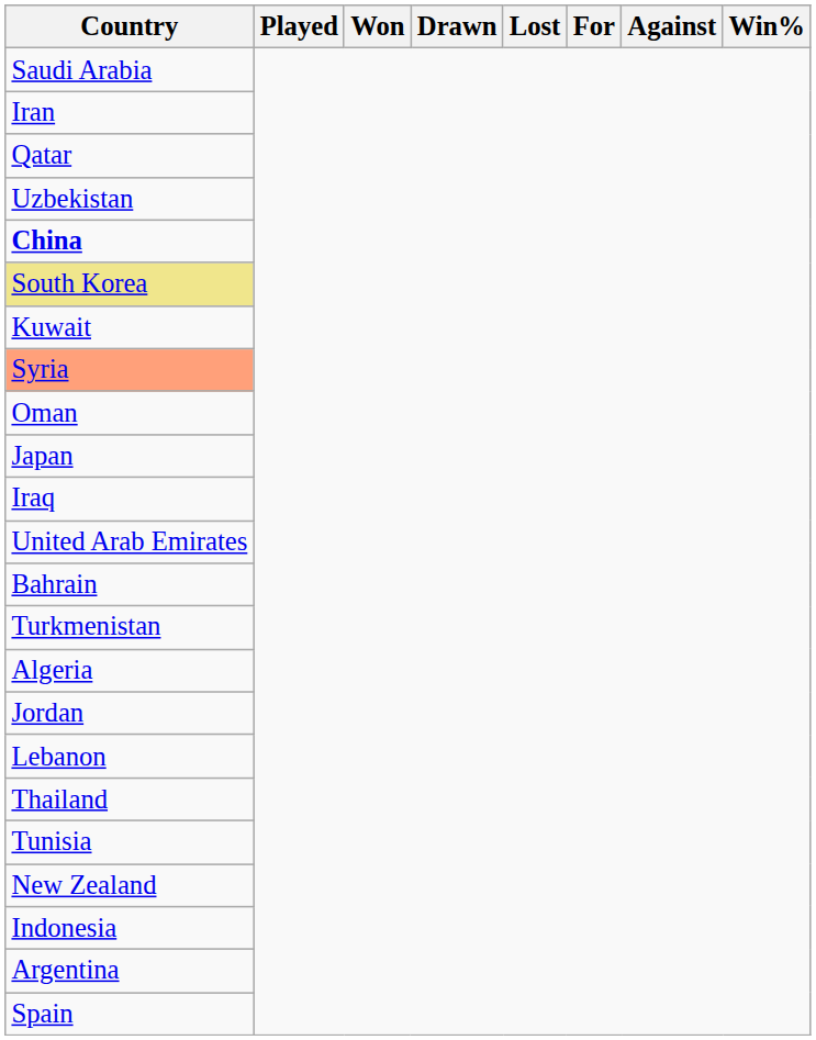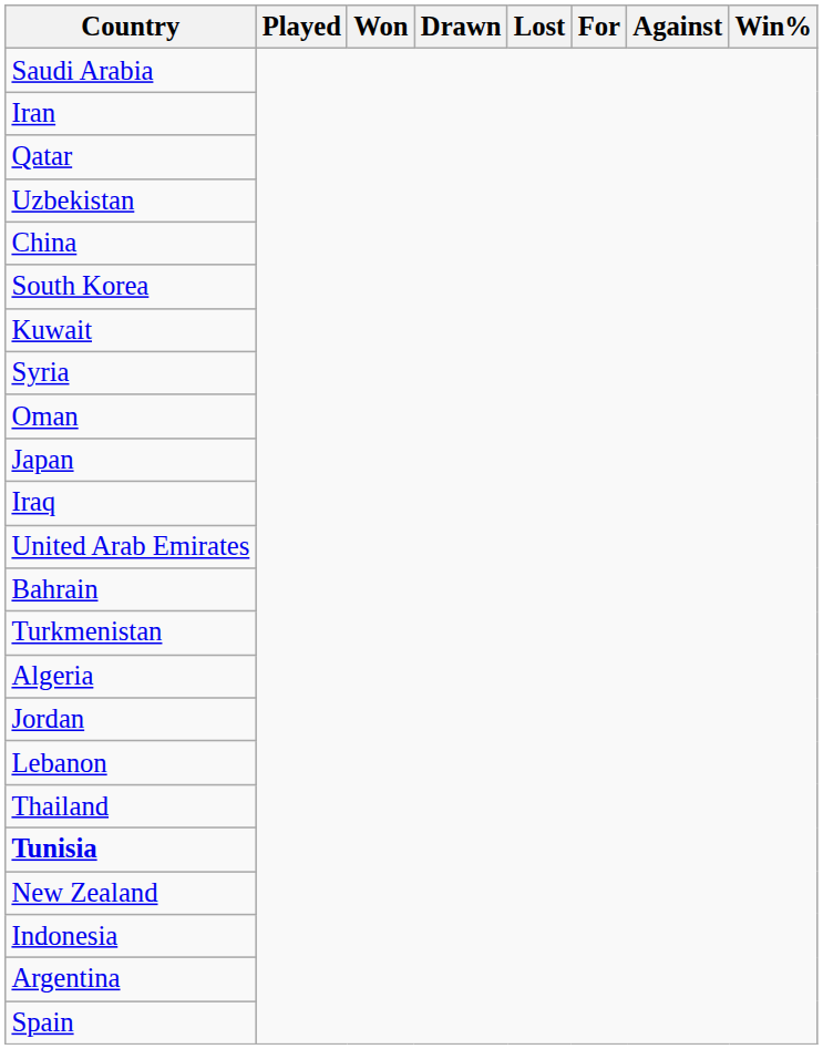 <table class="wikitable sortable" style="text-align:center;">
 <tr>
 <th>Country</th>
 <th>Played</th>
 <th>Won</th>
 <th>Drawn</th>
 <th>Lost</th>
 <th>For</th>
 <th>Against</th>
 <th>Win%</th>
 </tr>
 <tr>
 <td align="left"> <a href='#'>Saudi Arabia</a><br></td>
 </tr>
 <tr>
 <td align="left"> <a href='#'>Iran</a><br></td>
 </tr>
 <tr>
 <td align="left"> <a href='#'>Qatar</a><br></td>
 </tr>
 <tr>
 <td align="left"> <a href='#'>Uzbekistan</a><br></td>
 </tr>
 <tr>
-<td align="left"><strong> <a href='#'>China</a><br></strong></td>
+<td align="left"> <a href='#'>China</a><br></td>
 </tr>
 <tr>
-<td align="left" style="background: khaki;"> <a href='#'>South Korea</a><br></td>
+<td align="left"> <a href='#'>South Korea</a><br></td>
 </tr>
 <tr>
 <td align="left"> <a href='#'>Kuwait</a><br></td>
 </tr>
 <tr>
-<td align="left" style="background: lightsalmon;"> <a href='#'>Syria</a><br></td>
+<td align="left"> <a href='#'>Syria</a><br></td>
 </tr>
 <tr>
 <td align="left"> <a href='#'>Oman</a><br></td>
 </tr>
 <tr>
 <td align="left"> <a href='#'>Japan</a><br></td>
 </tr>
 <tr>
 <td align="left"> <a href='#'>Iraq</a><br></td>
 </tr>
 <tr>
 <td align="left"> <a href='#'>United Arab Emirates</a><br></td>
 </tr>
 <tr>
 <td align="left"> <a href='#'>Bahrain</a><br></td>
 </tr>
 <tr>
 <td align="left"> <a href='#'>Turkmenistan</a><br></td>
 </tr>
 <tr>
 <td align="left"> <a href='#'>Algeria</a><br></td>
 </tr>
 <tr>
 <td align="left"> <a href='#'>Jordan</a><br></td>
 </tr>
 <tr>
 <td align="left"> <a href='#'>Lebanon</a><br></td>
 </tr>
 <tr>
 <td align="left"> <a href='#'>Thailand</a><br></td>
 </tr>
 <tr>
-<td align="left"> <a href='#'>Tunisia</a><br></td>
+<td align="left"><strong> <a href='#'>Tunisia</a><br></strong></td>
 </tr>
 <tr>
 <td align="left"> <a href='#'>New Zealand</a><br></td>
 </tr>
 <tr>
 <td align="left"> <a href='#'>Indonesia</a><br></td>
 </tr>
 <tr>
 <td align="left"> <a href='#'>Argentina</a><br></td>
 </tr>
 <tr>
 <td align="left"> <a href='#'>Spain</a><br></td>
 </tr>
 </table>
